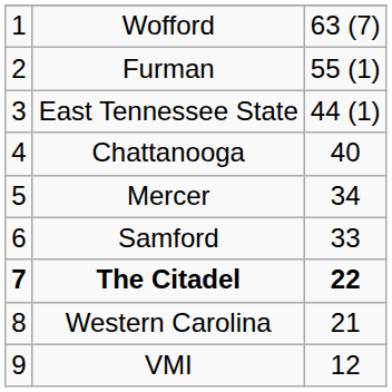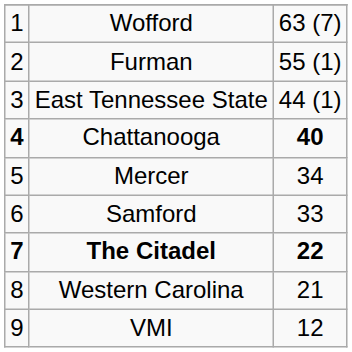 <table class="wikitable" style="display: inline-table;">
 <tr align="center">
 </tr>
 <tr align="center">
 <td>1</td>
 <td>Wofford</td>
 <td>63 (7)</td>
 </tr>
 <tr align="center">
 <td>2</td>
 <td>Furman</td>
 <td>55 (1)</td>
 </tr>
 <tr align="center">
 <td>3</td>
 <td>East Tennessee State</td>
 <td>44 (1)</td>
 </tr>
 <tr align="center">
-<td>4</td>
+<td><strong>4</strong></td>
 <td>Chattanooga</td>
-<td>40</td>
+<td><strong>40</strong></td>
 </tr>
 <tr align="center">
 <td>5</td>
 <td>Mercer</td>
 <td>34</td>
 </tr>
 <tr align="center">
 <td>6</td>
 <td>Samford</td>
 <td>33</td>
 </tr>
 <tr align="center">
 <td><strong>7</strong></td>
 <td><strong>The Citadel</strong></td>
 <td><strong>22</strong></td>
 </tr>
 <tr align="center">
 <td>8</td>
 <td>Western Carolina</td>
 <td>21</td>
 </tr>
 <tr align="center">
 <td>9</td>
 <td>VMI</td>
 <td>12</td>
 </tr>
 </table>
